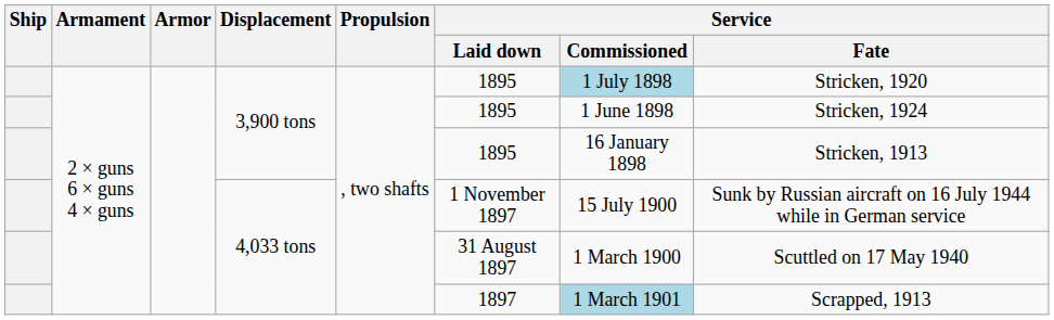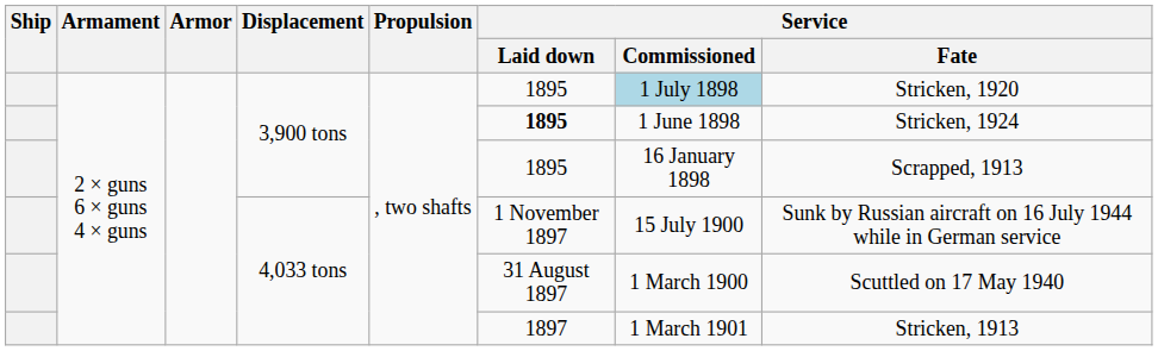 <table class="wikitable plainrowheaders" style="text-align: center;">
 <tr valign="top">
 <th scope="col" rowspan="2">Ship</th>
 <th scope="col" rowspan="2">Armament</th>
 <th scope="col" rowspan="2">Armor</th>
 <th scope="col" rowspan="2">Displacement</th>
 <th scope="col" rowspan="2">Propulsion</th>
 <th scope="col" colspan="3">Service</th>
 </tr>
 <tr valign="top">
 <th scope="col">Laid down</th>
 <th scope="col">Commissioned</th>
 <th scope="col">Fate</th>
 </tr>
 <tr valign="center">
 <th scope="row"></th>
 <td rowspan="6">2 ×  guns <br>6 ×  guns<br>4 ×  guns</td>
 <td rowspan="6"></td>
 <td rowspan="3">3,900 tons</td>
 <td rowspan="6">, two shafts</td>
 <td>1895</td>
 <td style="background: lightblue;">1 July 1898</td>
 <td>Stricken, 1920</td>
 </tr>
 <tr valign="center">
 <th scope="row"></th>
-<td>1895</td>
+<td><strong>1895</strong></td>
 <td>1 June 1898</td>
 <td>Stricken, 1924</td>
 </tr>
 <tr valign="center">
 <th scope="row"></th>
 <td>1895</td>
 <td>16 January 1898</td>
-<td>Stricken, 1913</td>
+<td>Scrapped, 1913</td>
 </tr>
 <tr valign="center">
 <th scope="row"></th>
 <td rowspan="3">4,033 tons</td>
 <td>1 November 1897</td>
 <td>15 July 1900</td>
 <td>Sunk by Russian aircraft on 16 July 1944 while in German service</td>
 </tr>
 <tr valign="center">
 <th scope="row"></th>
 <td>31 August 1897</td>
 <td>1 March 1900</td>
 <td>Scuttled on 17 May 1940</td>
 </tr>
 <tr valign="center">
 <th scope="row"></th>
 <td>1897</td>
-<td style="background: lightblue;">1 March 1901</td>
-<td>Scrapped, 1913</td>
+<td>1 March 1901</td>
+<td>Stricken, 1913</td>
 </tr>
 </table>
